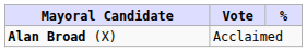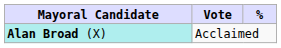 <table class="wikitable">
 <tr>
 <th style="background:#ddf; width:200px;">Mayoral Candidate</th>
 <th style="background:#ddf; width:50px;">Vote</th>
 <th style="background:#ddf; width:30px;">%</th>
 </tr>
 <tr>
-<td><strong>Alan Broad</strong> (X)</td>
+<td style="background: paleturquoise;"><strong>Alan Broad</strong> (X)</td>
 <td colspan="2">Acclaimed</td>
 </tr>
 </table>
